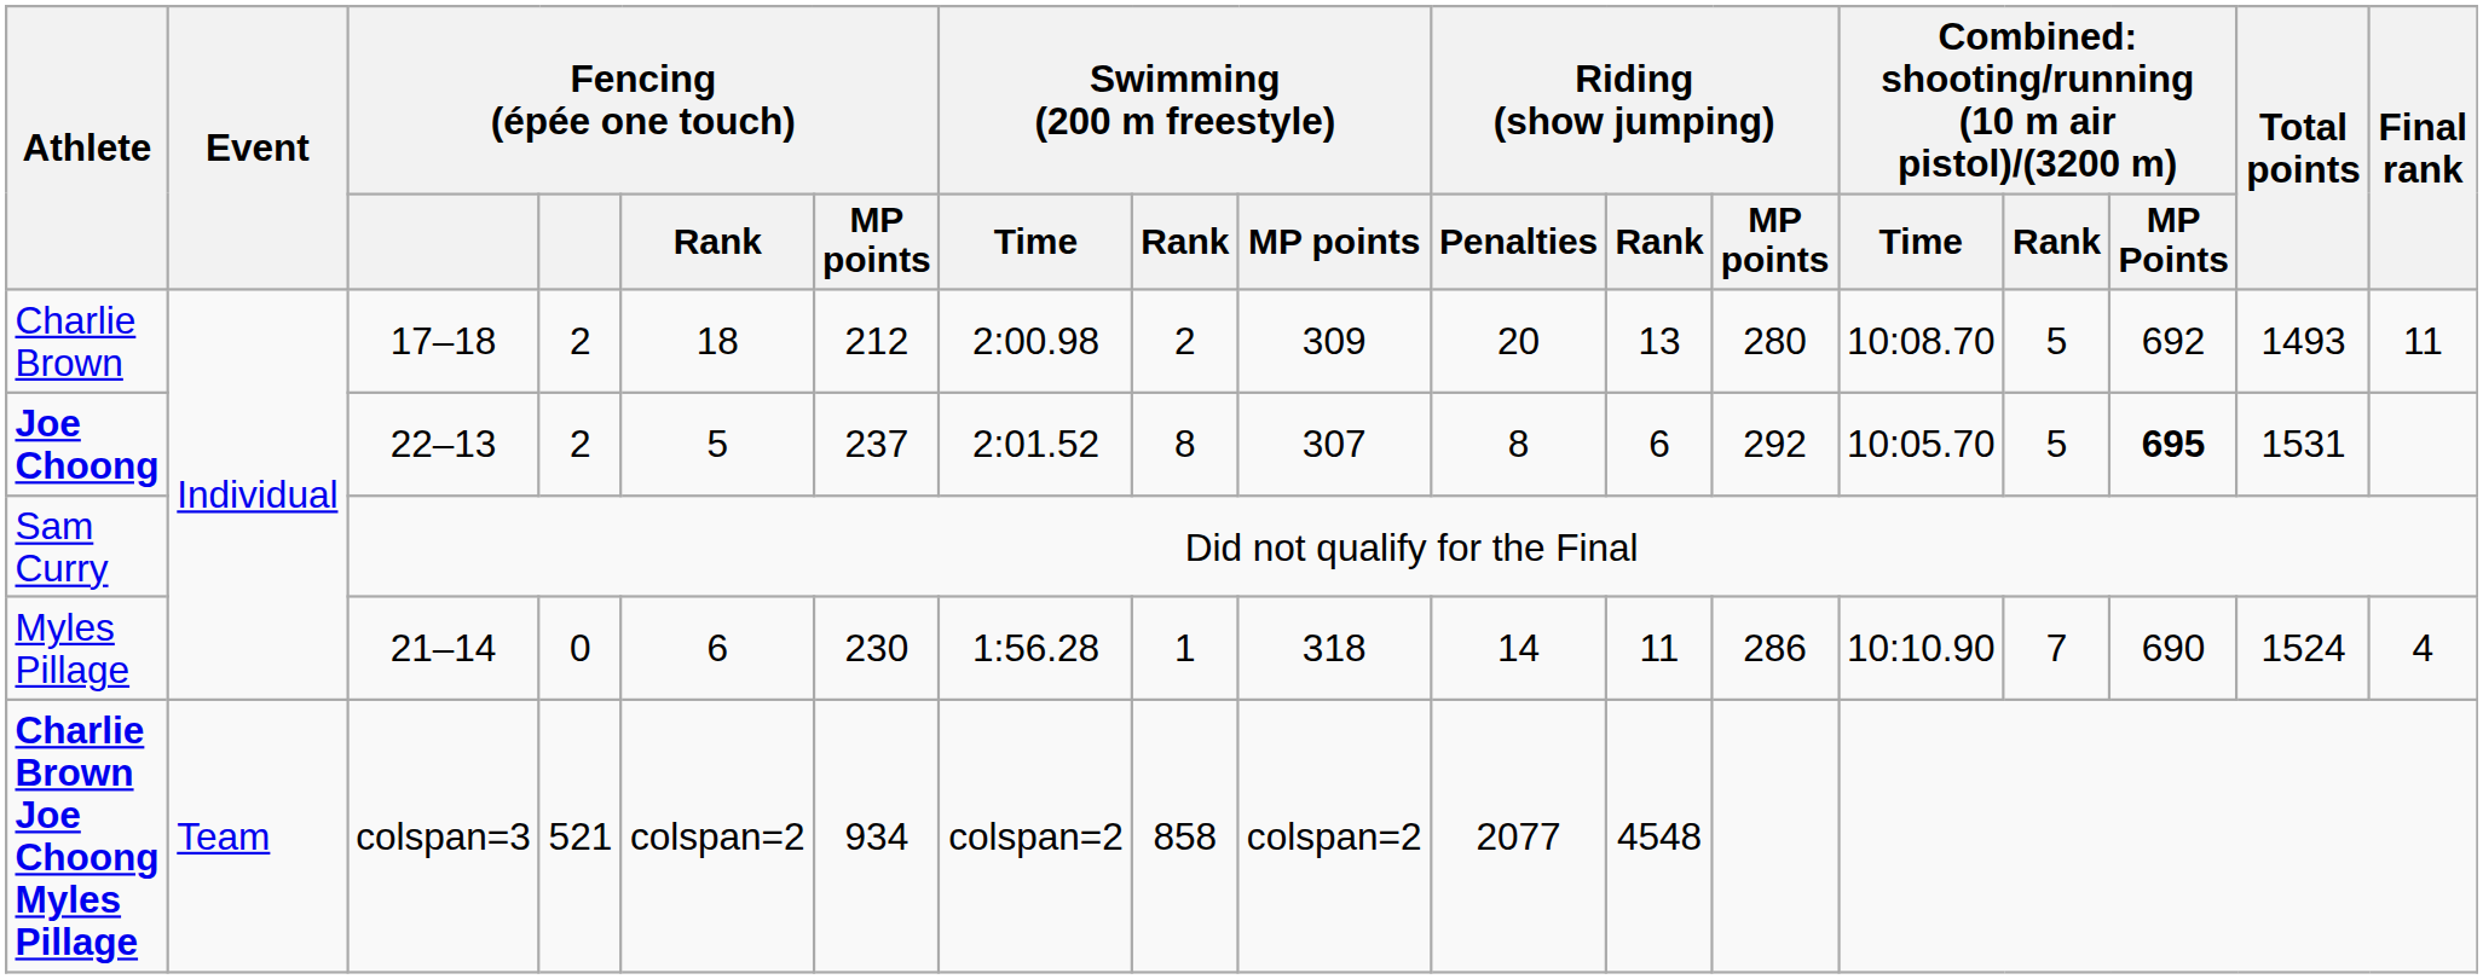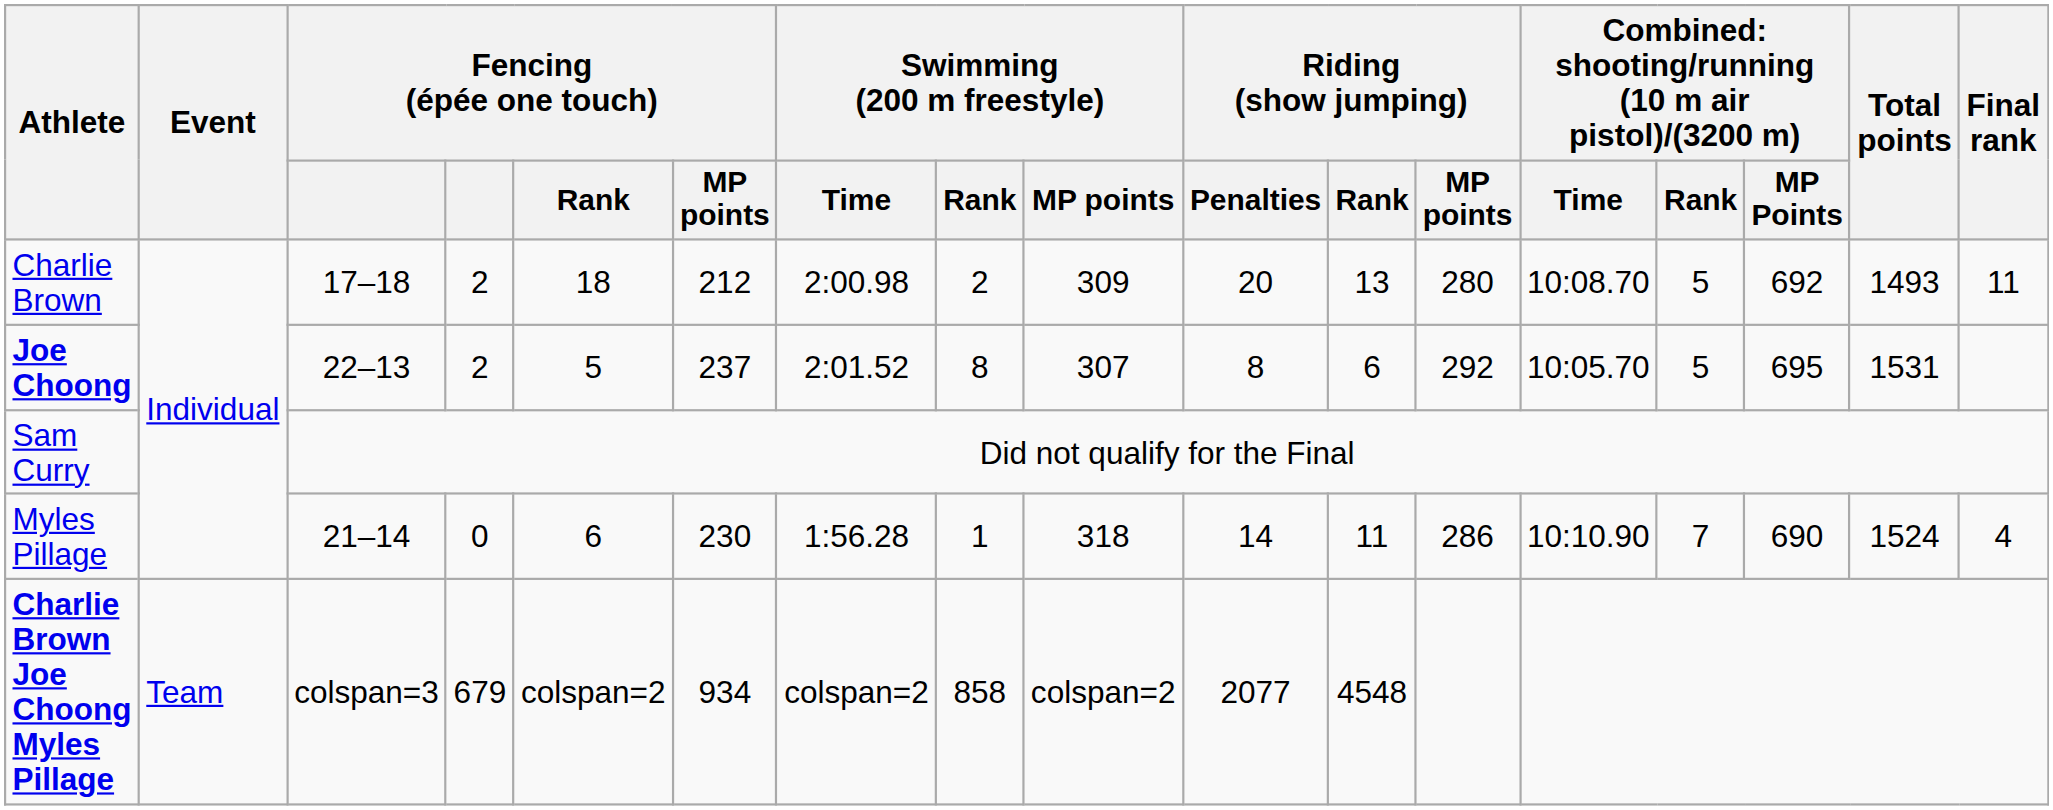 <table class=wikitable style=font-size:90%;text-align:center>
 <tr>
 <th rowspan=2>Athlete</th>
 <th rowspan=2>Event</th>
 <th colspan=4>Fencing<br><span>(épée one touch)</span></th>
 <th colspan=3>Swimming<br><span>(200 m freestyle)</span></th>
 <th colspan=3>Riding<br><span>(show jumping)</span></th>
 <th colspan=3>Combined: shooting/running<br><span>(10 m air pistol)/(3200 m)</span></th>
 <th rowspan=2>Total points</th>
 <th rowspan=2>Final rank</th>
 </tr>
 <tr style=font-size:95%>
 <th></th>
 <th></th>
 <th>Rank</th>
 <th>MP points</th>
 <th>Time</th>
 <th>Rank</th>
 <th>MP points</th>
 <th>Penalties</th>
 <th>Rank</th>
 <th>MP points</th>
 <th>Time</th>
 <th>Rank</th>
 <th>MP Points</th>
 </tr>
 <tr>
 <td align=left><a href='#'>Charlie Brown</a></td>
 <td align=left rowspan=4><a href='#'>Individual</a></td>
 <td>17–18</td>
 <td>2</td>
 <td>18</td>
 <td>212</td>
 <td>2:00.98</td>
 <td>2</td>
 <td>309</td>
 <td>20</td>
 <td>13</td>
 <td>280</td>
 <td>10:08.70</td>
 <td>5</td>
 <td>692</td>
 <td>1493</td>
 <td>11</td>
 </tr>
 <tr>
 <td align=left><strong><a href='#'>Joe Choong</a></strong></td>
 <td>22–13</td>
 <td>2</td>
 <td>5</td>
 <td>237</td>
 <td>2:01.52</td>
 <td>8</td>
 <td>307</td>
 <td>8</td>
 <td>6</td>
 <td>292</td>
 <td>10:05.70</td>
 <td>5</td>
-<td><strong>695</strong></td>
+<td>695</td>
 <td>1531</td>
 <td></td>
 </tr>
 <tr>
 <td align=left><a href='#'>Sam Curry</a></td>
 <td colspan=15>Did not qualify for the Final</td>
 </tr>
 <tr>
 <td align=left><a href='#'>Myles Pillage</a></td>
 <td>21–14</td>
 <td>0</td>
 <td>6</td>
 <td>230</td>
 <td>1:56.28</td>
 <td>1</td>
 <td>318</td>
 <td>14</td>
 <td>11</td>
 <td>286</td>
 <td>10:10.90</td>
 <td>7</td>
 <td>690</td>
 <td>1524</td>
 <td>4</td>
 </tr>
 <tr>
 <td align=left><strong><a href='#'>Charlie Brown</a></strong><br><strong><a href='#'>Joe Choong</a></strong><br><strong><a href='#'>Myles Pillage</a></strong></td>
 <td align=left><a href='#'>Team</a></td>
 <td>colspan=3 </td>
-<td>521</td>
+<td>679</td>
 <td>colspan=2 </td>
 <td>934</td>
 <td>colspan=2 </td>
 <td>858</td>
 <td>colspan=2 </td>
 <td>2077</td>
 <td>4548</td>
 <td></td>
 </tr>
 </table>
